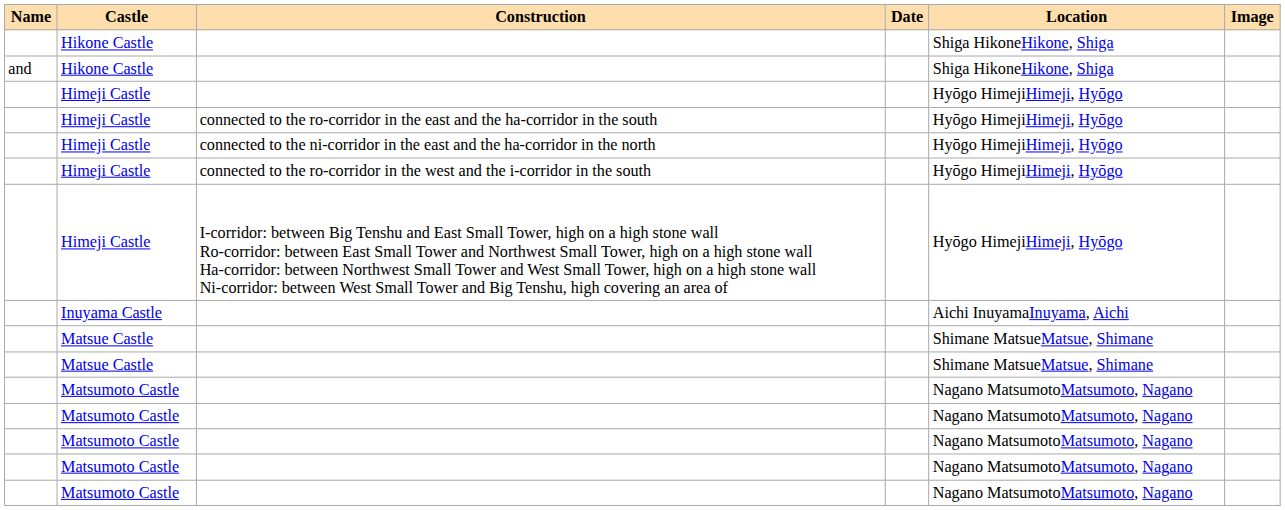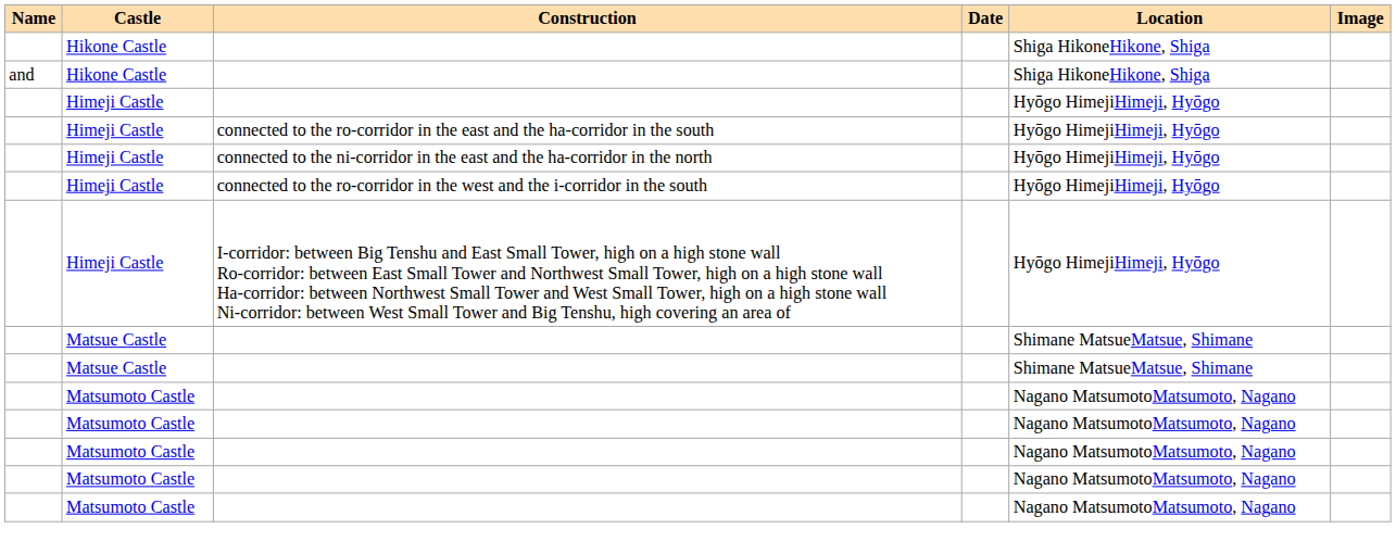 <table class="wikitable sortable" width="100%" style="background:#ffffff;">
 <tr>
 <th align="left" style="background:#ffdead;">Name</th>
 <th align="left" style="background:#ffdead;">Castle</th>
 <th align="left" style="background:#ffdead;">Construction</th>
 <th align="left" style="background:#ffdead;">Date</th>
 <th style="background:#ffdead;">Location</th>
 <th align="left" style="background:#ffdead;" class="unsortable">Image</th>
 </tr>
 <tr>
 <td></td>
 <td><a href='#'>Hikone Castle</a></td>
 <td></td>
 <td></td>
 <td><span>Shiga Hikone</span><a href='#'>Hikone</a>, <a href='#'>Shiga</a><br></td>
 <td></td>
 </tr>
 <tr>
 <td> and </td>
 <td><a href='#'>Hikone Castle</a></td>
 <td></td>
 <td></td>
 <td><span>Shiga Hikone</span><a href='#'>Hikone</a>, <a href='#'>Shiga</a><br></td>
 <td></td>
 </tr>
 <tr>
 <td></td>
 <td><a href='#'>Himeji Castle</a></td>
 <td></td>
 <td></td>
 <td><span>Hyōgo Himeji</span><a href='#'>Himeji</a>, <a href='#'>Hyōgo</a><br></td>
 <td></td>
 </tr>
 <tr>
 <td></td>
 <td><a href='#'>Himeji Castle</a></td>
 <td> connected to the ro-corridor in the east and the ha-corridor in the south</td>
 <td></td>
 <td><span>Hyōgo Himeji</span><a href='#'>Himeji</a>, <a href='#'>Hyōgo</a><br></td>
 <td></td>
 </tr>
 <tr>
 <td></td>
 <td><a href='#'>Himeji Castle</a></td>
 <td> connected to the ni-corridor in the east and the ha-corridor in the north</td>
 <td></td>
 <td><span>Hyōgo Himeji</span><a href='#'>Himeji</a>, <a href='#'>Hyōgo</a><br></td>
 <td></td>
 </tr>
 <tr>
 <td></td>
 <td><a href='#'>Himeji Castle</a></td>
 <td> connected to the ro-corridor in the west and the i-corridor in the south</td>
 <td></td>
 <td><span>Hyōgo Himeji</span><a href='#'>Himeji</a>, <a href='#'>Hyōgo</a><br></td>
 <td></td>
 </tr>
 <tr>
 <td></td>
 <td><a href='#'>Himeji Castle</a></td>
 <td><br><br>I-corridor: between Big Tenshu and East Small Tower,  high on a  high stone wall<br> Ro-corridor: between East Small Tower and Northwest Small Tower,  high on a  high stone wall<br> Ha-corridor: between Northwest Small Tower and West Small Tower,  high on a  high stone wall<br> Ni-corridor: between West Small Tower and Big Tenshu,  high covering an area of </td>
 <td></td>
 <td><span>Hyōgo Himeji</span><a href='#'>Himeji</a>, <a href='#'>Hyōgo</a><br></td>
 <td><br></td>
 </tr>
 <tr>
 <td></td>
-<td><a href='#'>Inuyama Castle</a></td>
-<td></td>
-<td></td>
-<td><span>Aichi Inuyama</span><a href='#'>Inuyama</a>, <a href='#'>Aichi</a><br></td>
-<td></td>
-</tr>
-<tr>
-<td></td>
 <td><a href='#'>Matsue Castle</a></td>
 <td></td>
 <td></td>
 <td><span>Shimane Matsue</span><a href='#'>Matsue</a>, <a href='#'>Shimane</a><br></td>
 <td></td>
 </tr>
 <tr>
 <td></td>
 <td><a href='#'>Matsue Castle</a></td>
 <td></td>
 <td></td>
 <td><span>Shimane Matsue</span><a href='#'>Matsue</a>, <a href='#'>Shimane</a><br></td>
 <td></td>
 </tr>
 <tr>
 <td></td>
 <td><a href='#'>Matsumoto Castle</a></td>
 <td></td>
 <td></td>
 <td><span>Nagano Matsumoto</span><a href='#'>Matsumoto</a>, <a href='#'>Nagano</a><br></td>
 <td></td>
 </tr>
 <tr>
 <td></td>
 <td><a href='#'>Matsumoto Castle</a></td>
 <td></td>
 <td></td>
 <td><span>Nagano Matsumoto</span><a href='#'>Matsumoto</a>, <a href='#'>Nagano</a><br></td>
 <td></td>
 </tr>
 <tr>
 <td></td>
 <td><a href='#'>Matsumoto Castle</a></td>
 <td></td>
 <td></td>
 <td><span>Nagano Matsumoto</span><a href='#'>Matsumoto</a>, <a href='#'>Nagano</a><br></td>
 <td></td>
 </tr>
 <tr>
 <td></td>
 <td><a href='#'>Matsumoto Castle</a></td>
 <td></td>
 <td></td>
 <td><span>Nagano Matsumoto</span><a href='#'>Matsumoto</a>, <a href='#'>Nagano</a><br></td>
 <td></td>
 </tr>
 <tr>
 <td></td>
 <td><a href='#'>Matsumoto Castle</a></td>
 <td></td>
 <td></td>
 <td><span>Nagano Matsumoto</span><a href='#'>Matsumoto</a>, <a href='#'>Nagano</a><br></td>
 <td></td>
 </tr>
 </table>
